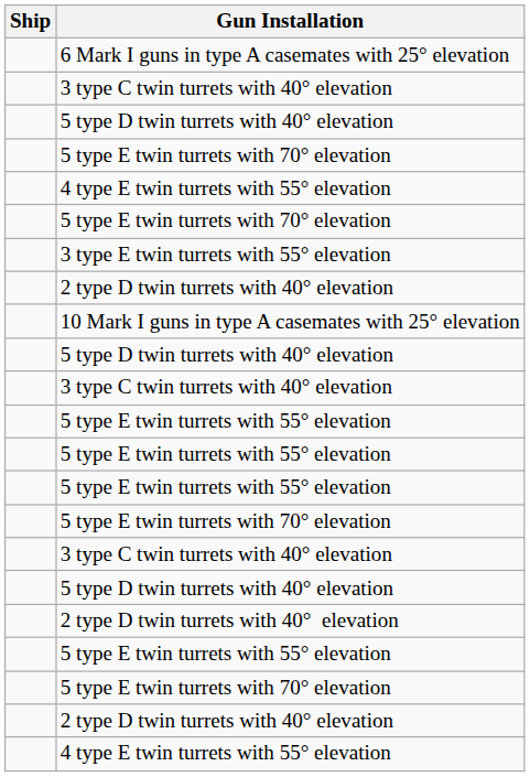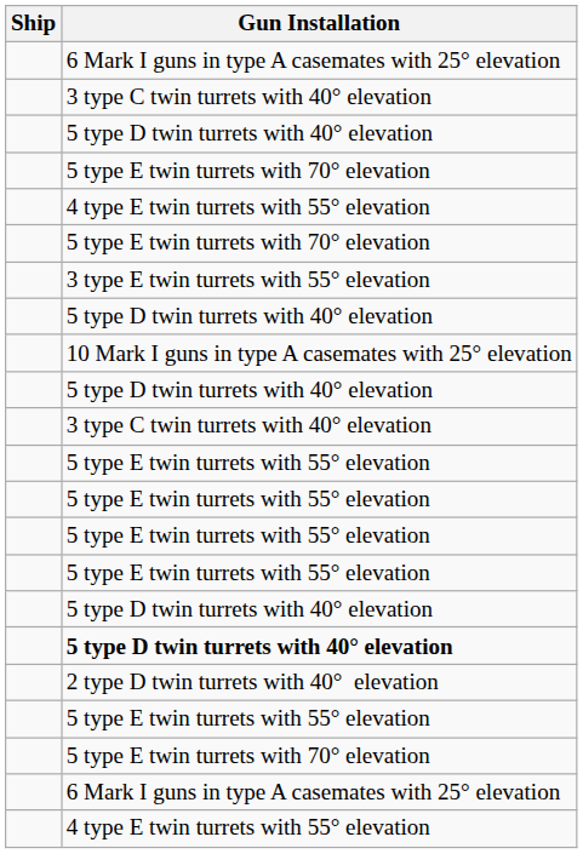 <table class="wikitable">
 <tr>
 <th>Ship</th>
 <th>Gun Installation</th>
 </tr>
 <tr>
 <td></td>
 <td>6 Mark I guns in type A casemates with 25° elevation</td>
 </tr>
 <tr>
 <td></td>
 <td>3 type C twin turrets with 40° elevation</td>
 </tr>
 <tr>
 <td></td>
 <td>5 type D twin turrets with 40° elevation</td>
 </tr>
 <tr>
 <td></td>
 <td>5 type E twin turrets with 70° elevation</td>
 </tr>
 <tr>
 <td></td>
 <td>4 type E twin turrets with 55° elevation</td>
 </tr>
 <tr>
 <td></td>
 <td>5 type E twin turrets with 70° elevation</td>
 </tr>
 <tr>
 <td></td>
 <td>3 type E twin turrets with 55° elevation</td>
 </tr>
 <tr>
 <td></td>
-<td>2 type D twin turrets with 40° elevation</td>
+<td>5 type D twin turrets with 40° elevation</td>
 </tr>
 <tr>
 <td></td>
 <td>10 Mark I guns in type A casemates with 25° elevation</td>
 </tr>
 <tr>
 <td></td>
 <td>5 type D twin turrets with 40° elevation</td>
 </tr>
 <tr>
 <td></td>
 <td>3 type C twin turrets with 40° elevation</td>
 </tr>
 <tr>
 <td></td>
 <td>5 type E twin turrets with 55° elevation</td>
 </tr>
 <tr>
 <td></td>
 <td>5 type E twin turrets with 55° elevation</td>
 </tr>
 <tr>
 <td></td>
 <td>5 type E twin turrets with 55° elevation</td>
 </tr>
 <tr>
 <td></td>
-<td>5 type E twin turrets with 70° elevation</td>
-</tr>
-<tr>
-<td></td>
-<td>3 type C twin turrets with 40° elevation</td>
+<td>5 type E twin turrets with 55° elevation</td>
 </tr>
 <tr>
 <td></td>
 <td>5 type D twin turrets with 40° elevation</td>
+</tr>
+<tr>
+<td></td>
+<td><strong>5 type D twin turrets with 40° elevation</strong></td>
 </tr>
 <tr>
 <td></td>
 <td>2 type D twin turrets with 40°  elevation</td>
 </tr>
 <tr>
 <td></td>
 <td>5 type E twin turrets with 55° elevation</td>
 </tr>
 <tr>
 <td></td>
 <td>5 type E twin turrets with 70° elevation</td>
 </tr>
 <tr>
 <td></td>
-<td>2 type D twin turrets with 40° elevation</td>
+<td>6 Mark I guns in type A casemates with 25° elevation</td>
 </tr>
 <tr>
 <td></td>
 <td>4 type E twin turrets with 55° elevation</td>
 </tr>
 </table>
